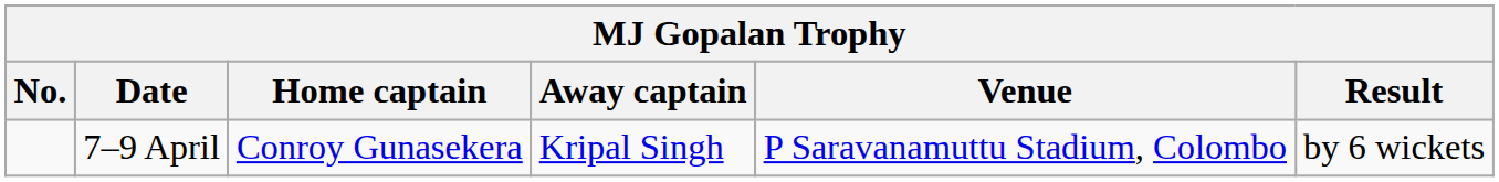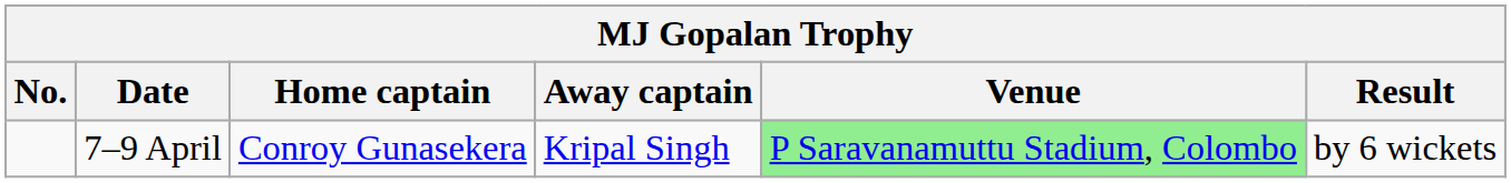 <table class="wikitable">
 <tr>
 <th colspan="9">MJ Gopalan Trophy</th>
 </tr>
 <tr>
 <th>No.</th>
 <th>Date</th>
 <th>Home captain</th>
 <th>Away captain</th>
 <th>Venue</th>
 <th>Result</th>
 </tr>
 <tr>
 <td></td>
 <td>7–9 April</td>
 <td><a href='#'>Conroy Gunasekera</a></td>
 <td><a href='#'>Kripal Singh</a></td>
-<td><a href='#'>P Saravanamuttu Stadium</a>, <a href='#'>Colombo</a></td>
+<td style="background: lightgreen;"><a href='#'>P Saravanamuttu Stadium</a>, <a href='#'>Colombo</a></td>
 <td> by 6 wickets</td>
 </tr>
 </table>
